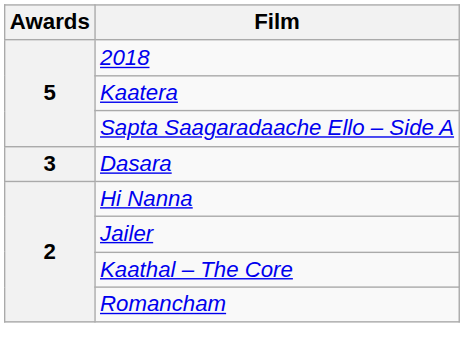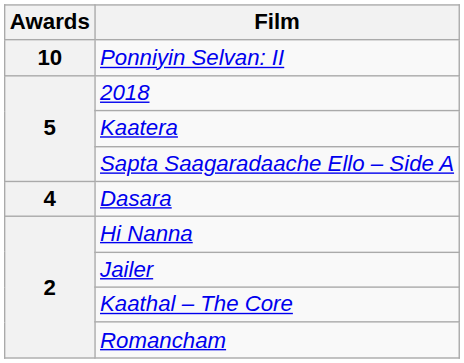 <table class="wikitable" style="display:inline-table;">
 <tr>
 <th>Awards</th>
 <th>Film</th>
+</tr>
+<tr>
+<th>10</th>
+<td><em><a href='#'>Ponniyin Selvan: II</a></em></td>
 </tr>
 <tr>
 <th rowspan="3">5</th>
 <td><a href='#'><em>2018</em></a></td>
 </tr>
 <tr>
 <td><em><a href='#'>Kaatera</a></em></td>
 </tr>
 <tr>
 <td><em><a href='#'>Sapta Saagaradaache Ello – Side A</a></em></td>
 </tr>
 <tr>
-<th>3</th>
+<th>4</th>
 <td><a href='#'><em>Dasara</em></a></td>
 </tr>
 <tr>
 <th rowspan="4">2</th>
 <td><em><a href='#'>Hi Nanna</a></em></td>
 </tr>
 <tr>
 <td><a href='#'><em>Jailer</em></a></td>
 </tr>
 <tr>
 <td><em><a href='#'>Kaathal – The Core</a></em></td>
 </tr>
 <tr>
 <td><em><a href='#'>Romancham</a></em></td>
 </tr>
 </table>
